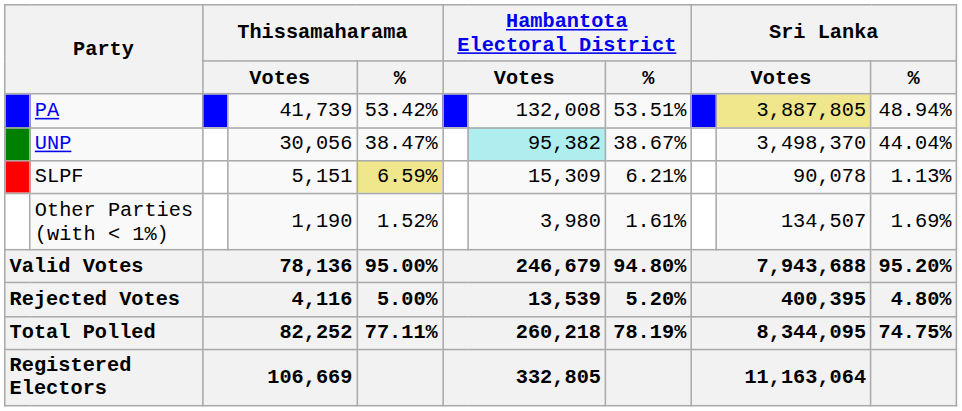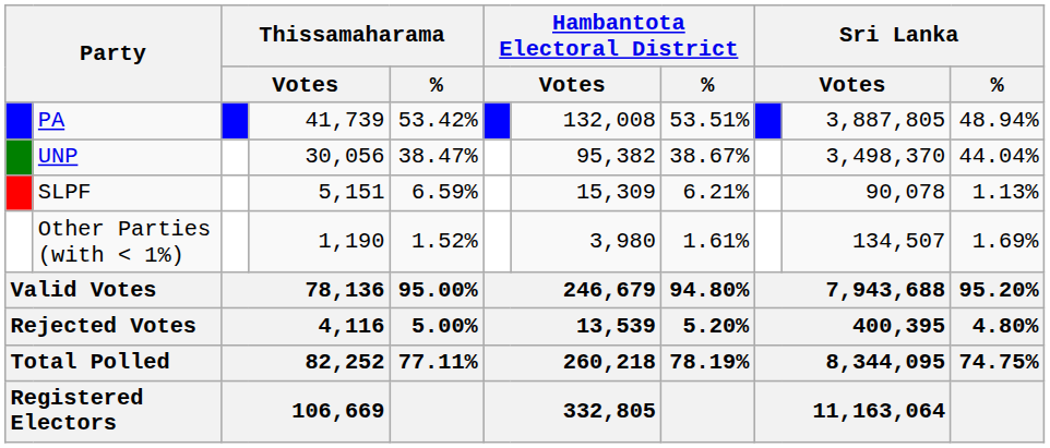 <table class="wikitable">
 <tr>
 <th colspan="2" width="144px"rowspan="2">Party</th>
 <th colspan="3" width="216px">Thissamaharama</th>
 <th colspan="3" width="216px"><a href='#'>Hambantota Electoral District</a></th>
 <th colspan="3" width="216px">Sri Lanka</th>
 </tr>
 <tr>
 <th colspan="2" width="144px">Votes</th>
 <th>%</th>
 <th colspan="2" width="144px">Votes</th>
 <th>%</th>
 <th colspan="2" width="144px">Votes</th>
 <th>%</th>
 </tr>
 <tr>
 <td style="background-color:blue;" width="10px"></td>
 <td style="text-align:left;"><a href='#'>PA</a></td>
 <td style="background-color:blue;" width="10px"></td>
 <td style="text-align:right;">41,739</td>
 <td style="text-align:right;">53.42%</td>
 <td style="background-color:blue;" width="10px"></td>
 <td style="text-align:right;">132,008</td>
 <td style="text-align:right;">53.51%</td>
 <td style="background-color:blue;" width="10px"></td>
-<td style="background: khaki; text-align:right;">3,887,805</td>
+<td style="text-align:right;">3,887,805</td>
 <td style="text-align:right;">48.94%</td>
 </tr>
 <tr>
 <td style="background-color:green;" width="10px"></td>
 <td style="text-align:left;"><a href='#'>UNP</a></td>
 <td style="background-color:white;" width="10px"></td>
 <td style="text-align:right;">30,056</td>
 <td style="text-align:right;">38.47%</td>
 <td style="background-color:white;" width="10px"></td>
-<td style="background: paleturquoise; text-align:right;">95,382</td>
+<td style="text-align:right;">95,382</td>
 <td style="text-align:right;">38.67%</td>
 <td style="background-color:white;" width="10px"></td>
 <td style="text-align:right;">3,498,370</td>
 <td style="text-align:right;">44.04%</td>
 </tr>
 <tr>
 <td style="background-color:red;" width="10px"></td>
 <td style="text-align:left;">SLPF</td>
 <td style="background-color:white;" width="10px"></td>
 <td style="text-align:right;">5,151</td>
-<td style="background: khaki; text-align:right;">6.59%</td>
+<td style="text-align:right;">6.59%</td>
 <td style="background-color:white;" width="10px"></td>
 <td style="text-align:right;">15,309</td>
 <td style="text-align:right;">6.21%</td>
 <td style="background-color:white;" width="10px"></td>
 <td style="text-align:right;">90,078</td>
 <td style="text-align:right;">1.13%</td>
 </tr>
 <tr>
 <td style="background-color:white;" width="10px"></td>
 <td style="text-align:left;">Other Parties (with < 1%)</td>
 <td style="background-color:white;" width="10px"></td>
 <td style="text-align:right;">1,190</td>
 <td style="text-align:right;">1.52%</td>
 <td style="background-color:white;" width="10px"></td>
 <td style="text-align:right;">3,980</td>
 <td style="text-align:right;">1.61%</td>
 <td style="background-color:white;" width="10px"></td>
 <td style="text-align:right;">134,507</td>
 <td style="text-align:right;">1.69%</td>
 </tr>
 <tr>
 <th colspan="2" width="144px"style="text-align:left;">Valid Votes</th>
 <th style="text-align:right;"colspan="2" width="144px">78,136</th>
 <th style="text-align:right;">95.00%</th>
 <th style="text-align:right;"colspan="2" width="144px">246,679</th>
 <th style="text-align:right;">94.80%</th>
 <th style="text-align:right;"colspan="2" width="144px">7,943,688</th>
 <th style="text-align:right;">95.20%</th>
 </tr>
 <tr>
 <th colspan="2" width="144px"style="text-align:left;">Rejected Votes</th>
 <th style="text-align:right;"colspan="2" width="144px">4,116</th>
 <th style="text-align:right;">5.00%</th>
 <th style="text-align:right;"colspan="2" width="144px">13,539</th>
 <th style="text-align:right;">5.20%</th>
 <th style="text-align:right;"colspan="2" width="144px">400,395</th>
 <th style="text-align:right;">4.80%</th>
 </tr>
 <tr>
 <th colspan="2" width="144px"style="text-align:left;">Total Polled</th>
 <th style="text-align:right;"colspan="2" width="144px">82,252</th>
 <th style="text-align:right;">77.11%</th>
 <th style="text-align:right;"colspan="2" width="144px">260,218</th>
 <th style="text-align:right;">78.19%</th>
 <th style="text-align:right;"colspan="2" width="144px">8,344,095</th>
 <th style="text-align:right;">74.75%</th>
 </tr>
 <tr>
 <th colspan="2" width="144px"style="text-align:left;">Registered Electors</th>
 <th style="text-align:right;"colspan="2" width="144px">106,669</th>
 <th></th>
 <th style="text-align:right;"colspan="2" width="144px">332,805</th>
 <th></th>
 <th style="text-align:right;"colspan="2" width="144px">11,163,064</th>
 <th></th>
 </tr>
 </table>
